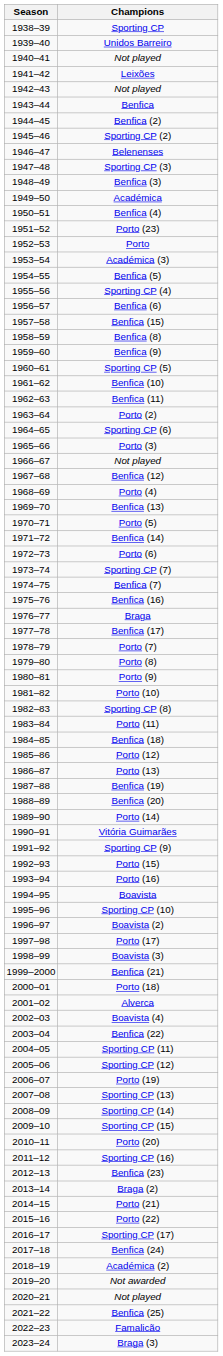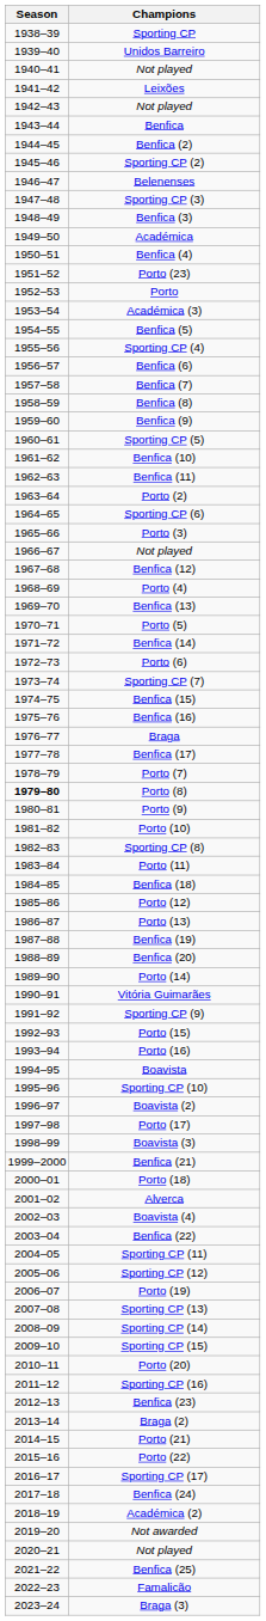 <table class="wikitable" style="text-align:center;">
 <tr>
 <th width="25%">Season</th>
 <th width="75%">Champions</th>
 </tr>
 <tr>
 <td>1938–39</td>
 <td><a href='#'>Sporting CP</a></td>
 </tr>
 <tr>
 <td>1939–40</td>
 <td><a href='#'>Unidos Barreiro</a></td>
 </tr>
 <tr>
 <td>1940–41</td>
 <td><em>Not played</em></td>
 </tr>
 <tr>
 <td>1941–42</td>
 <td><a href='#'>Leixões</a></td>
 </tr>
 <tr>
 <td>1942–43</td>
 <td><em>Not played</em></td>
 </tr>
 <tr>
 <td>1943–44</td>
 <td><a href='#'>Benfica</a></td>
 </tr>
 <tr>
 <td>1944–45</td>
 <td><a href='#'>Benfica</a> (2)</td>
 </tr>
 <tr>
 <td>1945–46</td>
 <td><a href='#'>Sporting CP</a> (2)</td>
 </tr>
 <tr>
 <td>1946–47</td>
 <td><a href='#'>Belenenses</a></td>
 </tr>
 <tr>
 <td>1947–48</td>
 <td><a href='#'>Sporting CP</a> (3)</td>
 </tr>
 <tr>
 <td>1948–49</td>
 <td><a href='#'>Benfica</a> (3)</td>
 </tr>
 <tr>
 <td>1949–50</td>
 <td><a href='#'>Académica</a></td>
 </tr>
 <tr>
 <td>1950–51</td>
 <td><a href='#'>Benfica</a> (4)</td>
 </tr>
 <tr>
 <td>1951–52</td>
 <td><a href='#'>Porto</a> (23)</td>
 </tr>
 <tr>
 <td>1952–53</td>
 <td><a href='#'>Porto</a></td>
 </tr>
 <tr>
 <td>1953–54</td>
 <td><a href='#'>Académica</a> (3)</td>
 </tr>
 <tr>
 <td>1954–55</td>
 <td><a href='#'>Benfica</a> (5)</td>
 </tr>
 <tr>
 <td>1955–56</td>
 <td><a href='#'>Sporting CP</a> (4)</td>
 </tr>
 <tr>
 <td>1956–57</td>
 <td><a href='#'>Benfica</a> (6)</td>
 </tr>
 <tr>
 <td>1957–58</td>
-<td><a href='#'>Benfica</a> (15)</td>
+<td><a href='#'>Benfica</a> (7)</td>
 </tr>
 <tr>
 <td>1958–59</td>
 <td><a href='#'>Benfica</a> (8)</td>
 </tr>
 <tr>
 <td>1959–60</td>
 <td><a href='#'>Benfica</a> (9)</td>
 </tr>
 <tr>
 <td>1960–61</td>
 <td><a href='#'>Sporting CP</a> (5)</td>
 </tr>
 <tr>
 <td>1961–62</td>
 <td><a href='#'>Benfica</a> (10)</td>
 </tr>
 <tr>
 <td>1962–63</td>
 <td><a href='#'>Benfica</a> (11)</td>
 </tr>
 <tr>
 <td>1963–64</td>
 <td><a href='#'>Porto</a> (2)</td>
 </tr>
 <tr>
 <td>1964–65</td>
 <td><a href='#'>Sporting CP</a> (6)</td>
 </tr>
 <tr>
 <td>1965–66</td>
 <td><a href='#'>Porto</a> (3)</td>
 </tr>
 <tr>
 <td>1966–67</td>
 <td><em>Not played</em></td>
 </tr>
 <tr>
 <td>1967–68</td>
 <td><a href='#'>Benfica</a> (12)</td>
 </tr>
 <tr>
 <td>1968–69</td>
 <td><a href='#'>Porto</a> (4)</td>
 </tr>
 <tr>
 <td>1969–70</td>
 <td><a href='#'>Benfica</a> (13)</td>
 </tr>
 <tr>
 <td>1970–71</td>
 <td><a href='#'>Porto</a> (5)</td>
 </tr>
 <tr>
 <td>1971–72</td>
 <td><a href='#'>Benfica</a> (14)</td>
 </tr>
 <tr>
 <td>1972–73</td>
 <td><a href='#'>Porto</a> (6)</td>
 </tr>
 <tr>
 <td>1973–74</td>
 <td><a href='#'>Sporting CP</a> (7)</td>
 </tr>
 <tr>
 <td>1974–75</td>
-<td><a href='#'>Benfica</a> (7)</td>
+<td><a href='#'>Benfica</a> (15)</td>
 </tr>
 <tr>
 <td>1975–76</td>
 <td><a href='#'>Benfica</a> (16)</td>
 </tr>
 <tr>
 <td>1976–77</td>
 <td><a href='#'>Braga</a></td>
 </tr>
 <tr>
 <td>1977–78</td>
 <td><a href='#'>Benfica</a> (17)</td>
 </tr>
 <tr>
 <td>1978–79</td>
 <td><a href='#'>Porto</a> (7)</td>
 </tr>
 <tr>
-<td>1979–80</td>
+<td><strong>1979–80</strong></td>
 <td><a href='#'>Porto</a> (8)</td>
 </tr>
 <tr>
 <td>1980–81</td>
 <td><a href='#'>Porto</a> (9)</td>
 </tr>
 <tr>
 <td>1981–82</td>
 <td><a href='#'>Porto</a> (10)</td>
 </tr>
 <tr>
 <td>1982–83</td>
 <td><a href='#'>Sporting CP</a> (8)</td>
 </tr>
 <tr>
 <td>1983–84</td>
 <td><a href='#'>Porto</a> (11)</td>
 </tr>
 <tr>
 <td>1984–85</td>
 <td><a href='#'>Benfica</a> (18)</td>
 </tr>
 <tr>
 <td>1985–86</td>
 <td><a href='#'>Porto</a> (12)</td>
 </tr>
 <tr>
 <td>1986–87</td>
 <td><a href='#'>Porto</a> (13)</td>
 </tr>
 <tr>
 <td>1987–88</td>
 <td><a href='#'>Benfica</a> (19)</td>
 </tr>
 <tr>
 <td>1988–89</td>
 <td><a href='#'>Benfica</a> (20)</td>
 </tr>
 <tr>
 <td>1989–90</td>
 <td><a href='#'>Porto</a> (14)</td>
 </tr>
 <tr>
 <td>1990–91</td>
 <td><a href='#'>Vitória Guimarães</a></td>
 </tr>
 <tr>
 <td>1991–92</td>
 <td><a href='#'>Sporting CP</a> (9)</td>
 </tr>
 <tr>
 <td>1992–93</td>
 <td><a href='#'>Porto</a> (15)</td>
 </tr>
 <tr>
 <td>1993–94</td>
 <td><a href='#'>Porto</a> (16)</td>
 </tr>
 <tr>
 <td>1994–95</td>
 <td><a href='#'>Boavista</a></td>
 </tr>
 <tr>
 <td>1995–96</td>
 <td><a href='#'>Sporting CP</a> (10)</td>
 </tr>
 <tr>
 <td>1996–97</td>
 <td><a href='#'>Boavista</a> (2)</td>
 </tr>
 <tr>
 <td>1997–98</td>
 <td><a href='#'>Porto</a> (17)</td>
 </tr>
 <tr>
 <td>1998–99</td>
 <td><a href='#'>Boavista</a> (3)</td>
 </tr>
 <tr>
 <td>1999–2000</td>
 <td><a href='#'>Benfica</a> (21)</td>
 </tr>
 <tr>
 <td>2000–01</td>
 <td><a href='#'>Porto</a> (18)</td>
 </tr>
 <tr>
 <td>2001–02</td>
 <td><a href='#'>Alverca</a></td>
 </tr>
 <tr>
 <td>2002–03</td>
 <td><a href='#'>Boavista</a> (4)</td>
 </tr>
 <tr>
 <td>2003–04</td>
 <td><a href='#'>Benfica</a> (22)</td>
 </tr>
 <tr>
 <td>2004–05</td>
 <td><a href='#'>Sporting CP</a> (11)</td>
 </tr>
 <tr>
 <td>2005–06</td>
 <td><a href='#'>Sporting CP</a> (12)</td>
 </tr>
 <tr>
 <td>2006–07</td>
 <td><a href='#'>Porto</a> (19)</td>
 </tr>
 <tr>
 <td>2007–08</td>
 <td><a href='#'>Sporting CP</a> (13)</td>
 </tr>
 <tr>
 <td>2008–09</td>
 <td><a href='#'>Sporting CP</a> (14)</td>
 </tr>
 <tr>
 <td>2009–10</td>
 <td><a href='#'>Sporting CP</a> (15)</td>
 </tr>
 <tr>
 <td>2010–11</td>
 <td><a href='#'>Porto</a> (20)</td>
 </tr>
 <tr>
 <td>2011–12</td>
 <td><a href='#'>Sporting CP</a> (16)</td>
 </tr>
 <tr>
 <td>2012–13</td>
 <td><a href='#'>Benfica</a> (23)</td>
 </tr>
 <tr>
 <td>2013–14</td>
 <td><a href='#'>Braga</a> (2)</td>
 </tr>
 <tr>
 <td>2014–15</td>
 <td><a href='#'>Porto</a> (21)</td>
 </tr>
 <tr>
 <td>2015–16</td>
 <td><a href='#'>Porto</a> (22)</td>
 </tr>
 <tr>
 <td>2016–17</td>
 <td><a href='#'>Sporting CP</a> (17)</td>
 </tr>
 <tr>
 <td>2017–18</td>
 <td><a href='#'>Benfica</a> (24)</td>
 </tr>
 <tr>
 <td>2018–19</td>
 <td><a href='#'>Académica</a> (2)</td>
 </tr>
 <tr>
 <td>2019–20</td>
 <td><em>Not awarded</em></td>
 </tr>
 <tr>
 <td>2020–21</td>
 <td><em>Not played</em></td>
 </tr>
 <tr>
 <td>2021–22</td>
 <td><a href='#'>Benfica</a> (25)</td>
 </tr>
 <tr>
 <td>2022–23</td>
 <td><a href='#'>Famalicão</a></td>
 </tr>
 <tr>
 <td>2023–24</td>
 <td><a href='#'>Braga</a> (3)</td>
 </tr>
 </table>
